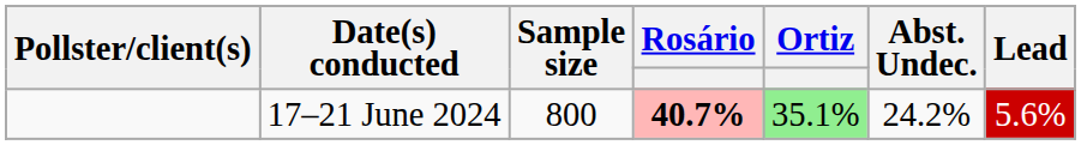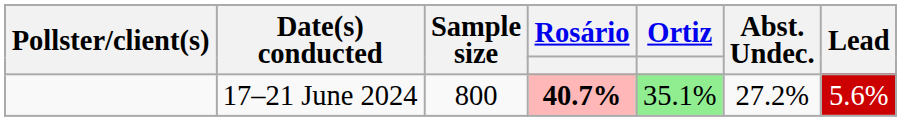 <table class="wikitable" style="text-align:center;font-size:90%;line-height:14px;">
 <tr>
 <th rowspan="2">Pollster/client(s)</th>
 <th rowspan="2">Date(s)<br>conducted</th>
 <th rowspan="2">Sample<br>size</th>
 <th><a href='#'>Rosário</a><br></th>
 <th><a href='#'>Ortiz</a><br></th>
 <th rowspan="2">Abst.<br>Undec.</th>
 <th rowspan="2">Lead</th>
 </tr>
 <tr>
 <th class="sortable" data-sort-type="number" style="background:"></th>
 <th class="sortable" data-sort-type="number" style="background:"></th>
 </tr>
 <tr>
 <td></td>
 <td>17–21 June 2024</td>
 <td>800</td>
 <td style="background:#ffb7b7;font-weight:bold">40.7%</td>
 <td style="background: lightgreen;">35.1%</td>
-<td>24.2%</td>
+<td>27.2%</td>
 <td style="background:#CC0000;color:#FFFFFF;">5.6%</td>
 </tr>
 </table>
